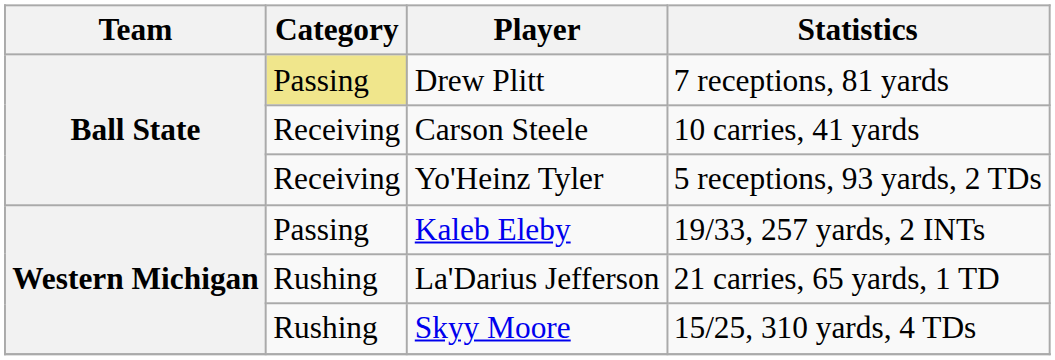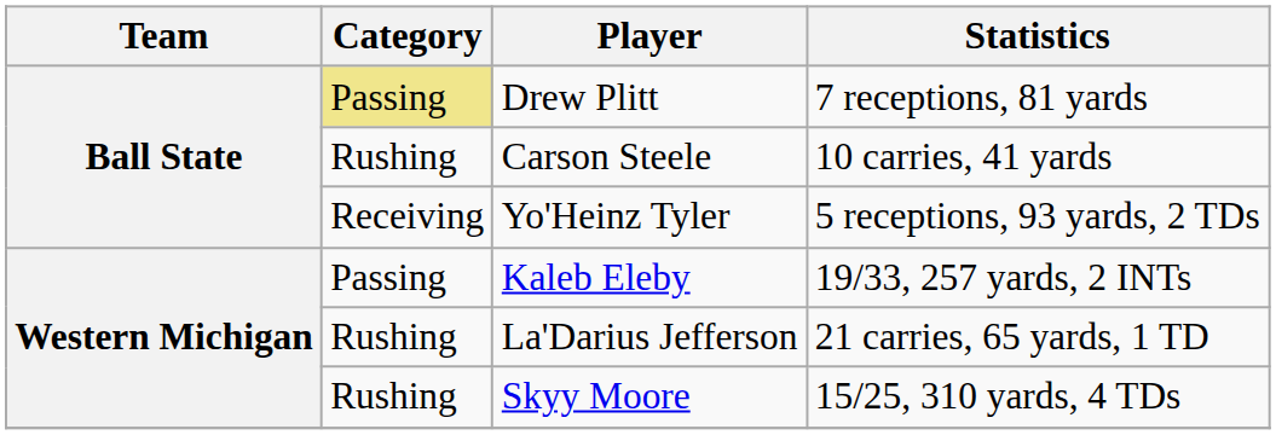 <table class="wikitable" style="float: left;">
 <tr>
 <th>Team</th>
 <th>Category</th>
 <th>Player</th>
 <th>Statistics</th>
 </tr>
 <tr>
 <th rowspan=3>Ball State</th>
 <td style="background: khaki;">Passing</td>
 <td>Drew Plitt</td>
 <td>7 receptions, 81 yards</td>
 </tr>
 <tr>
-<td>Receiving</td>
+<td>Rushing</td>
 <td>Carson Steele</td>
 <td>10 carries, 41 yards</td>
 </tr>
 <tr>
 <td>Receiving</td>
 <td>Yo'Heinz Tyler</td>
 <td>5 receptions, 93 yards, 2 TDs</td>
 </tr>
 <tr>
 <th rowspan=3 style=>Western Michigan</th>
 <td>Passing</td>
 <td><a href='#'>Kaleb Eleby</a></td>
 <td>19/33, 257 yards, 2 INTs</td>
 </tr>
 <tr>
 <td>Rushing</td>
 <td>La'Darius Jefferson</td>
 <td>21 carries, 65 yards, 1 TD</td>
 </tr>
 <tr>
 <td>Rushing</td>
 <td><a href='#'>Skyy Moore</a></td>
 <td>15/25, 310 yards, 4 TDs</td>
 </tr>
 <tr>
 </tr>
 </table>
